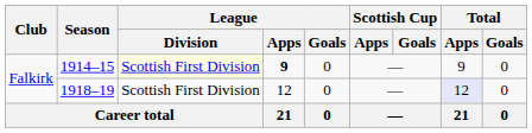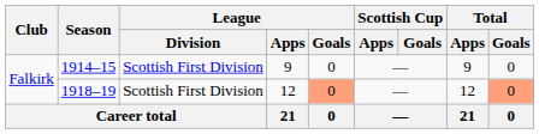 <table class="wikitable" style="text-align: center;">
 <tr>
 <th rowspan="2">Club</th>
 <th rowspan="2">Season</th>
 <th colspan="3">League</th>
 <th colspan="2">Scottish Cup</th>
 <th colspan="2">Total</th>
 </tr>
 <tr>
 <th>Division</th>
 <th>Apps</th>
 <th>Goals</th>
 <th>Apps</th>
 <th>Goals</th>
 <th>Apps</th>
 <th>Goals</th>
 </tr>
 <tr>
 <td rowspan="2"><a href='#'>Falkirk</a></td>
 <td><a href='#'>1914–15</a></td>
-<td style="background: lightyellow;"><a href='#'>Scottish First Division</a></td>
-<td><strong>9</strong></td>
+<td><a href='#'>Scottish First Division</a></td>
+<td>9</td>
 <td>0</td>
 <td colspan="2">—</td>
 <td>9</td>
 <td>0</td>
 </tr>
 <tr>
 <td><a href='#'>1918–19</a></td>
 <td>Scottish First Division</td>
 <td>12</td>
-<td>0</td>
+<td style="background: lightsalmon;">0</td>
 <td colspan="2">—</td>
-<td style="background: lavender;">12</td>
-<td>0</td>
+<td>12</td>
+<td style="background: lightsalmon;">0</td>
 </tr>
 <tr>
 <th colspan="3">Career total</th>
 <th>21</th>
 <th>0</th>
 <th colspan="2">—</th>
 <th>21</th>
 <th>0</th>
 </tr>
 </table>
